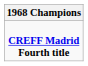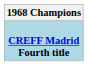 <table class=wikitable style="text-align:center; margin:auto">
 <tr>
 <th>1968 Champions</th>
 </tr>
 <tr>
-<td> <br> <strong><a href='#'>CREFF Madrid</a></strong> <br> <strong>Fourth title</strong></td>
+<td style="background: lightblue;"> <br> <strong><a href='#'>CREFF Madrid</a></strong> <br> <strong>Fourth title</strong></td>
 </tr>
 </table>
